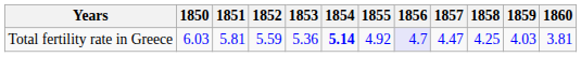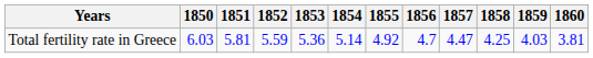 <table class="wikitable " style="text-align:right">
 <tr>
 <th>Years</th>
 <th>1850</th>
 <th>1851</th>
 <th>1852</th>
 <th>1853</th>
 <th>1854</th>
 <th>1855</th>
 <th>1856</th>
 <th>1857</th>
 <th>1858</th>
 <th>1859</th>
 <th>1860</th>
 </tr>
 <tr>
 <td align="left">Total fertility rate in Greece</td>
 <td style="text-align:right; color:blue;">6.03</td>
 <td style="text-align:right; color:blue;">5.81</td>
 <td style="text-align:right; color:blue;">5.59</td>
 <td style="text-align:right; color:blue;">5.36</td>
-<td style="text-align:right; color:blue;"><strong>5.14</strong></td>
+<td style="text-align:right; color:blue;">5.14</td>
 <td style="text-align:right; color:blue;">4.92</td>
-<td style="background: lavender; text-align:right; color:blue;">4.7</td>
+<td style="text-align:right; color:blue;">4.7</td>
 <td style="text-align:right; color:blue;">4.47</td>
 <td style="text-align:right; color:blue;">4.25</td>
 <td style="text-align:right; color:blue;">4.03</td>
 <td style="text-align:right; color:blue;">3.81</td>
 </tr>
 </table>
